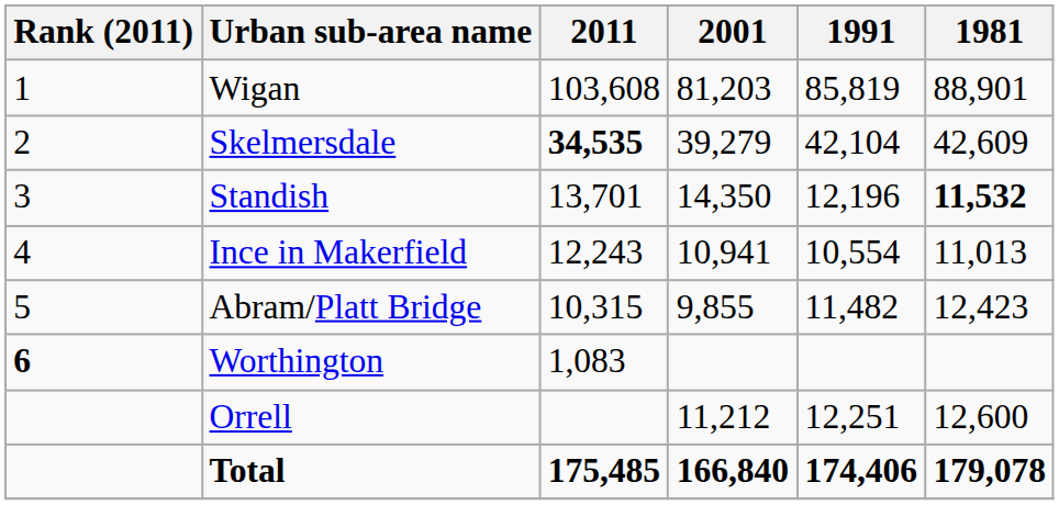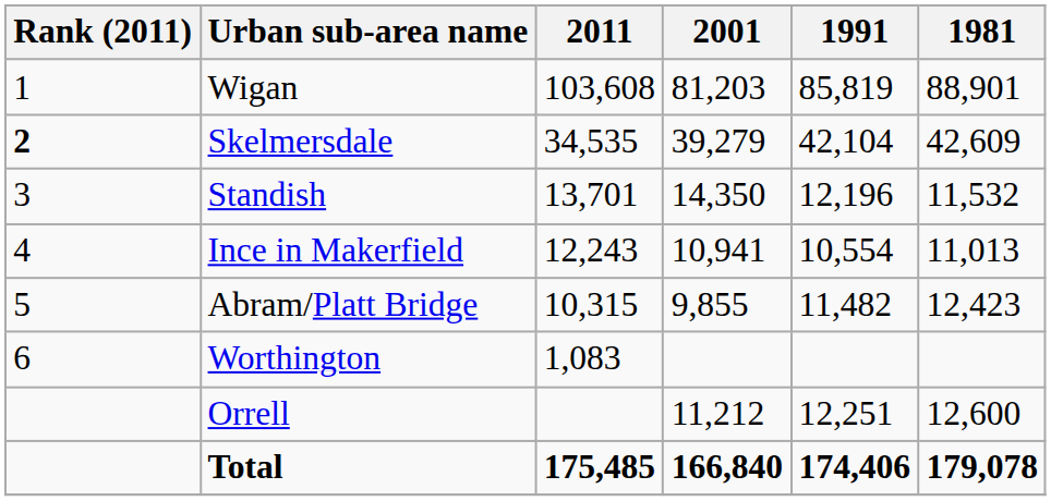 <table class="wikitable sortable">
 <tr>
 <th>Rank (2011)</th>
 <th>Urban sub-area name</th>
 <th>2011 </th>
 <th>2001</th>
 <th>1991</th>
 <th>1981</th>
 </tr>
 <tr>
 <td>1</td>
 <td>Wigan</td>
 <td>103,608</td>
 <td>81,203</td>
 <td>85,819</td>
 <td>88,901</td>
 </tr>
 <tr>
-<td>2</td>
+<td><strong>2</strong></td>
 <td><a href='#'>Skelmersdale</a></td>
-<td><strong>34,535</strong></td>
+<td>34,535</td>
 <td>39,279</td>
 <td>42,104</td>
 <td>42,609</td>
 </tr>
 <tr>
 <td>3</td>
 <td><a href='#'>Standish</a></td>
 <td>13,701</td>
 <td>14,350</td>
 <td>12,196</td>
-<td><strong>11,532</strong></td>
+<td>11,532</td>
 </tr>
 <tr>
 <td>4</td>
 <td><a href='#'>Ince in Makerfield</a></td>
 <td>12,243</td>
 <td>10,941</td>
 <td>10,554</td>
 <td>11,013</td>
 </tr>
 <tr>
 <td>5</td>
 <td>Abram/<a href='#'>Platt Bridge</a></td>
 <td>10,315</td>
 <td>9,855</td>
 <td>11,482</td>
 <td>12,423</td>
 </tr>
 <tr>
-<td><strong>6</strong></td>
+<td>6</td>
 <td><a href='#'>Worthington</a></td>
 <td>1,083</td>
 <td></td>
 <td></td>
 <td></td>
 </tr>
 <tr>
 <td></td>
 <td><a href='#'>Orrell</a></td>
 <td></td>
 <td>11,212</td>
 <td>12,251</td>
 <td>12,600</td>
 </tr>
 <tr>
 <td></td>
 <td><strong>Total</strong></td>
 <td><strong>175,485</strong></td>
 <td><strong>166,840</strong></td>
 <td><strong>174,406</strong></td>
 <td><strong>179,078</strong></td>
 </tr>
 <tr>
 </tr>
 </table>
